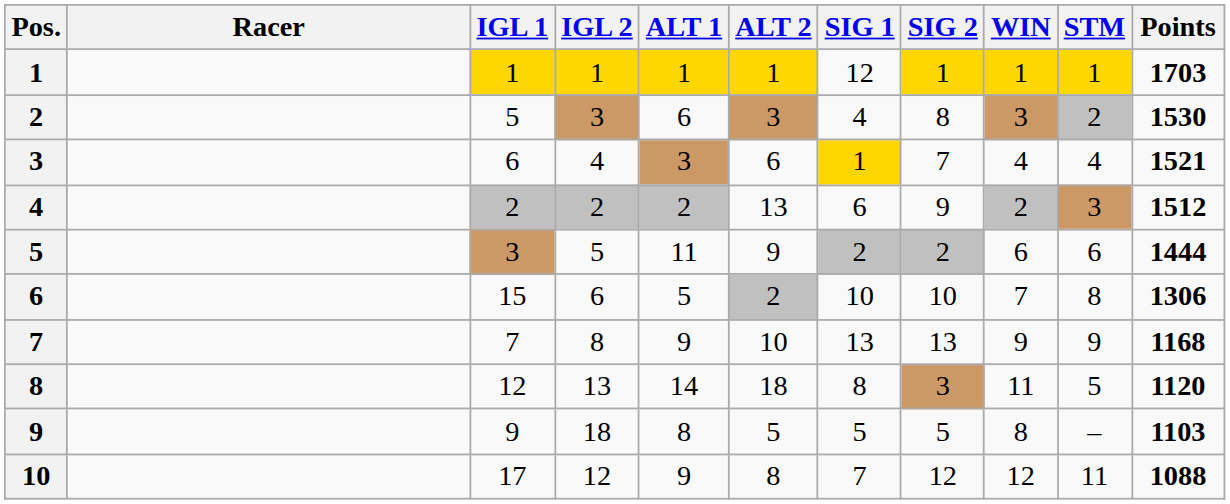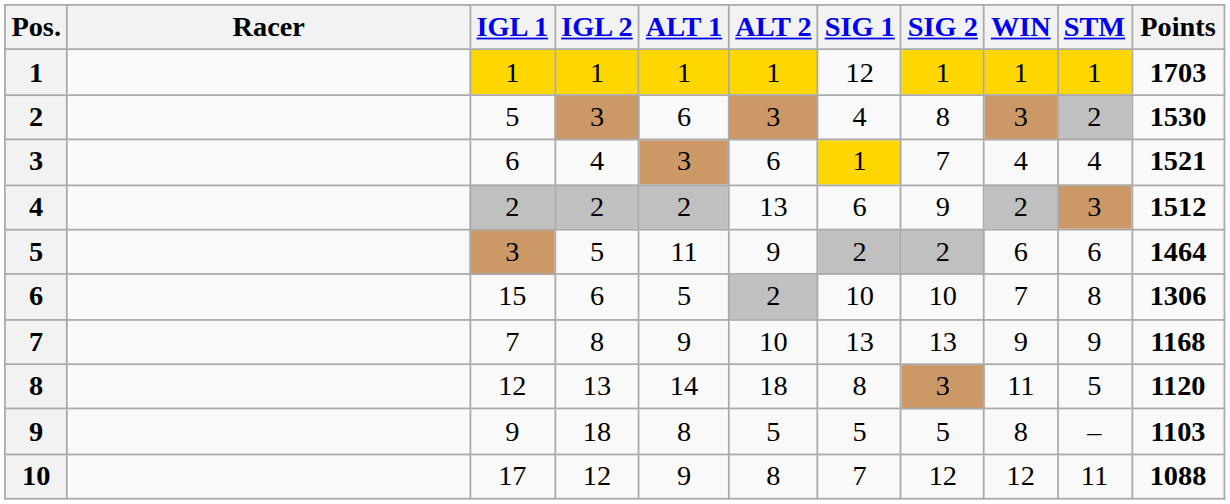 <table class="wikitable sortable plainrowheaders" style="text-align:center;">
 <tr>
 <th scope="col">Pos.</th>
 <th scope="col" style="width:220px;">Racer</th>
 <th scope="col"><strong> <a href='#'>IGL 1</a></strong></th>
 <th><strong> <a href='#'>IGL 2</a></strong></th>
 <th><strong> <a href='#'>ALT 1</a></strong></th>
 <th><strong> <a href='#'>ALT 2</a></strong></th>
 <th><strong> <a href='#'>SIG 1</a></strong></th>
 <th><strong> <a href='#'>SIG 2</a></strong></th>
 <th><strong> <a href='#'>WIN</a></strong></th>
 <th><strong> <a href='#'>STM</a></strong></th>
 <th style="width:45px;">Points</th>
 </tr>
 <tr>
 <th>1</th>
 <td style="text-align:left"></td>
 <td style="background:gold">1</td>
 <td style="background:gold">1</td>
 <td style="background:gold">1</td>
 <td style="background:gold">1</td>
 <td>12</td>
 <td style="background:gold">1</td>
 <td style="background:gold">1</td>
 <td style="background:gold">1</td>
 <td><strong>1703</strong></td>
 </tr>
 <tr>
 <th>2</th>
 <td style="text-align:left"></td>
 <td>5</td>
 <td style="background:#c96">3</td>
 <td>6</td>
 <td style="background:#c96">3</td>
 <td>4</td>
 <td>8</td>
 <td style="background:#c96">3</td>
 <td style="background:silver">2</td>
 <td><strong>1530</strong></td>
 </tr>
 <tr>
 <th>3</th>
 <td style="text-align:left"></td>
 <td>6</td>
 <td>4</td>
 <td style="background:#c96">3</td>
 <td>6</td>
 <td style="background:gold">1</td>
 <td>7</td>
 <td>4</td>
 <td>4</td>
 <td><strong>1521</strong></td>
 </tr>
 <tr>
 <th>4</th>
 <td style="text-align:left"></td>
 <td style="background:silver">2</td>
 <td style="background:silver">2</td>
 <td style="background:silver">2</td>
 <td>13</td>
 <td>6</td>
 <td>9</td>
 <td style="background:silver">2</td>
 <td style="background:#c96">3</td>
 <td><strong>1512</strong></td>
 </tr>
 <tr>
 <th>5</th>
 <td style="text-align:left"></td>
 <td style="background:#c96">3</td>
 <td>5</td>
 <td>11</td>
 <td>9</td>
 <td style="background:silver">2</td>
 <td style="background:silver">2</td>
 <td>6</td>
 <td>6</td>
-<td><strong>1444</strong></td>
+<td><strong>1464</strong></td>
 </tr>
 <tr>
 <th>6</th>
 <td style="text-align:left"></td>
 <td>15</td>
 <td>6</td>
 <td>5</td>
 <td style="background:silver">2</td>
 <td>10</td>
 <td>10</td>
 <td>7</td>
 <td>8</td>
 <td><strong>1306</strong></td>
 </tr>
 <tr>
 <th>7</th>
 <td style="text-align:left"></td>
 <td>7</td>
 <td>8</td>
 <td>9</td>
 <td>10</td>
 <td>13</td>
 <td>13</td>
 <td>9</td>
 <td>9</td>
 <td><strong>1168</strong></td>
 </tr>
 <tr>
 <th>8</th>
 <td style="text-align:left"></td>
 <td>12</td>
 <td>13</td>
 <td>14</td>
 <td>18</td>
 <td>8</td>
 <td style="background:#c96">3</td>
 <td>11</td>
 <td>5</td>
 <td><strong>1120</strong></td>
 </tr>
 <tr>
 <th>9</th>
 <td style="text-align:left"></td>
 <td>9</td>
 <td>18</td>
 <td>8</td>
 <td>5</td>
 <td>5</td>
 <td>5</td>
 <td>8</td>
 <td>–</td>
 <td><strong>1103</strong></td>
 </tr>
 <tr>
 <th>10</th>
 <td style="text-align:left"></td>
 <td>17</td>
 <td>12</td>
 <td>9</td>
 <td>8</td>
 <td>7</td>
 <td>12</td>
 <td>12</td>
 <td>11</td>
 <td><strong>1088</strong></td>
 </tr>
 </table>
